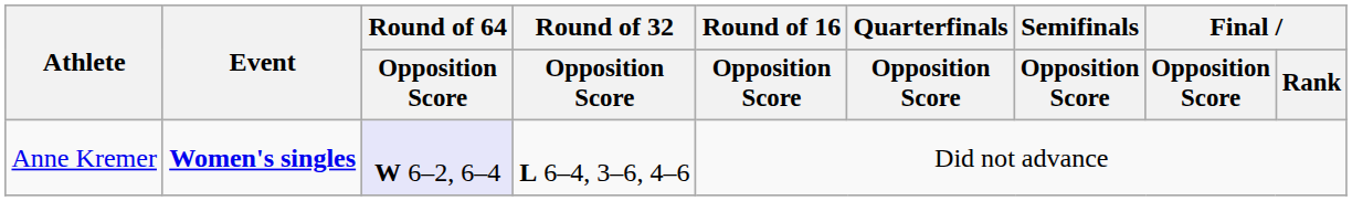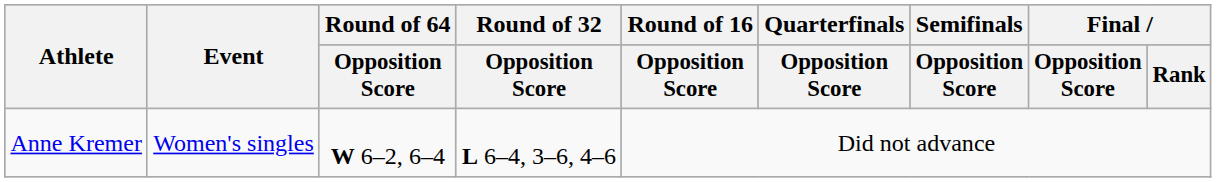 <table class=wikitable style="font-size:90%">
 <tr>
 <th rowspan="2">Athlete</th>
 <th rowspan="2">Event</th>
 <th>Round of 64</th>
 <th>Round of 32</th>
 <th>Round of 16</th>
 <th>Quarterfinals</th>
 <th>Semifinals</th>
 <th colspan=2>Final / </th>
 </tr>
 <tr style="font-size:95%">
 <th>Opposition<br>Score</th>
 <th>Opposition<br>Score</th>
 <th>Opposition<br>Score</th>
 <th>Opposition<br>Score</th>
 <th>Opposition<br>Score</th>
 <th>Opposition<br>Score</th>
 <th>Rank</th>
 </tr>
 <tr align=center>
 <td align=left><a href='#'>Anne Kremer</a></td>
-<td align=left><strong><a href='#'>Women's singles</a></strong></td>
-<td style="background: lavender;"><br><strong>W</strong> 6–2, 6–4</td>
+<td align=left><a href='#'>Women's singles</a></td>
+<td><br><strong>W</strong> 6–2, 6–4</td>
 <td><br><strong>L</strong> 6–4, 3–6, 4–6</td>
 <td colspan=5>Did not advance</td>
 </tr>
 </table>
